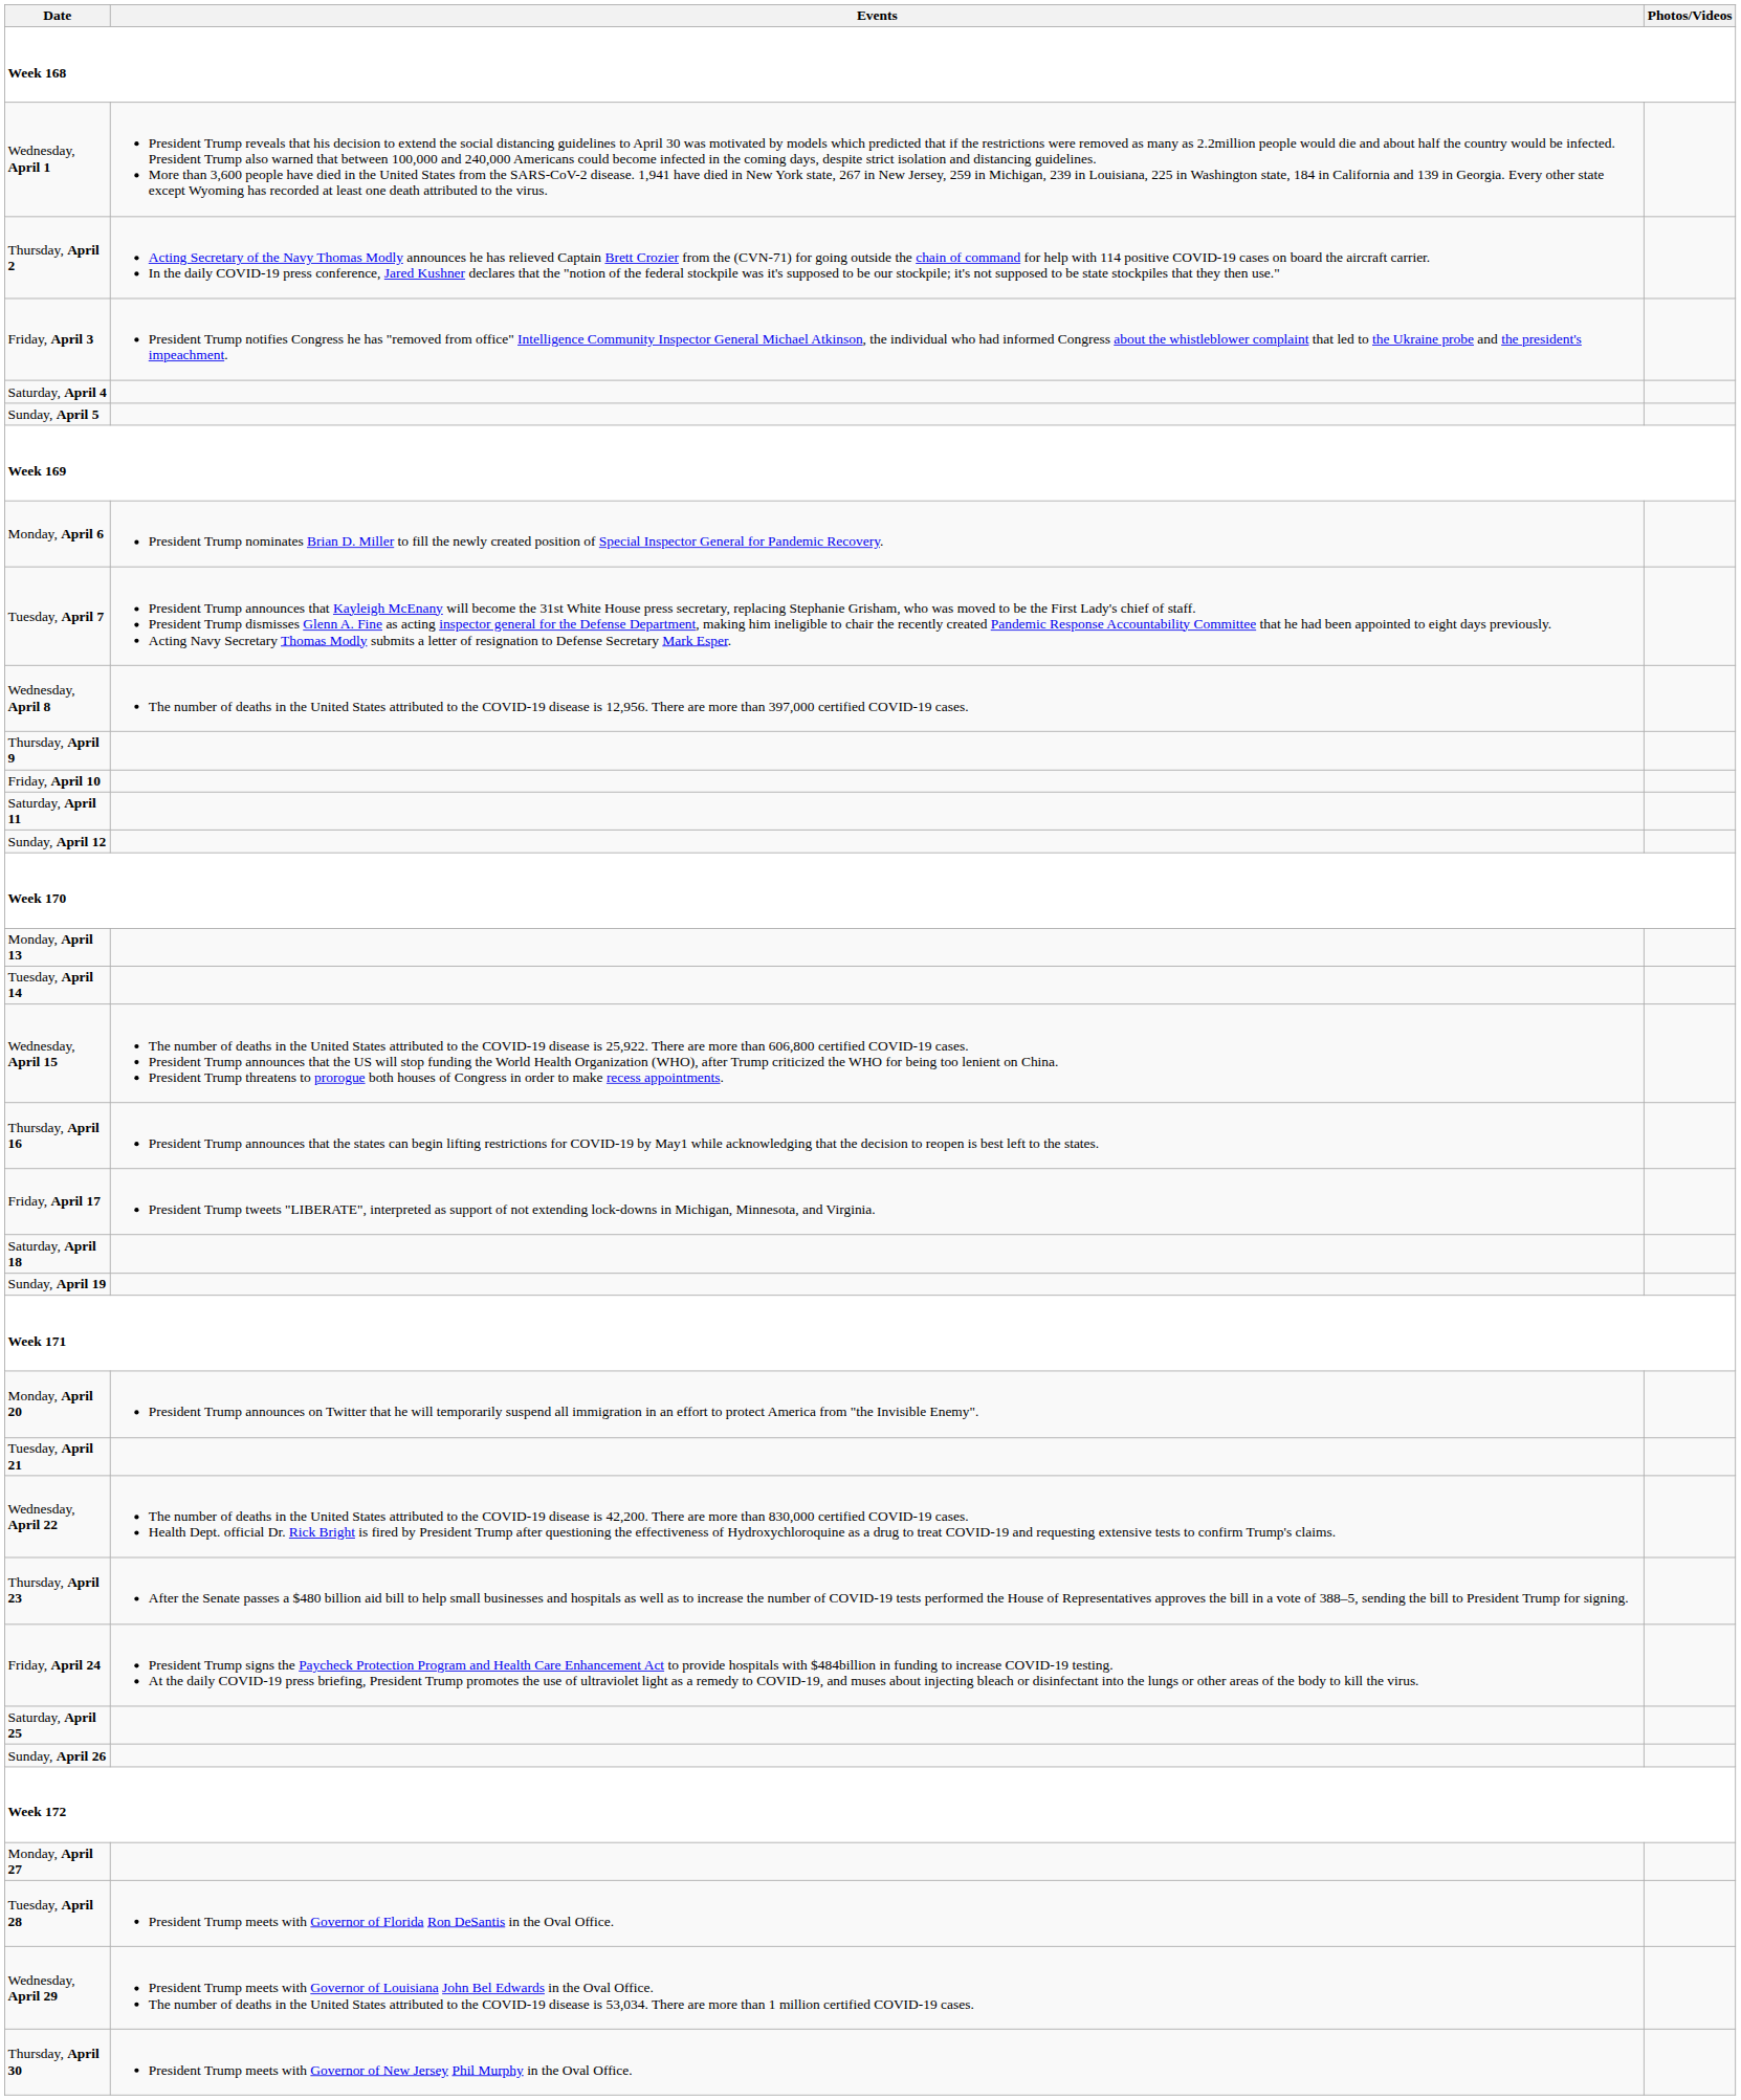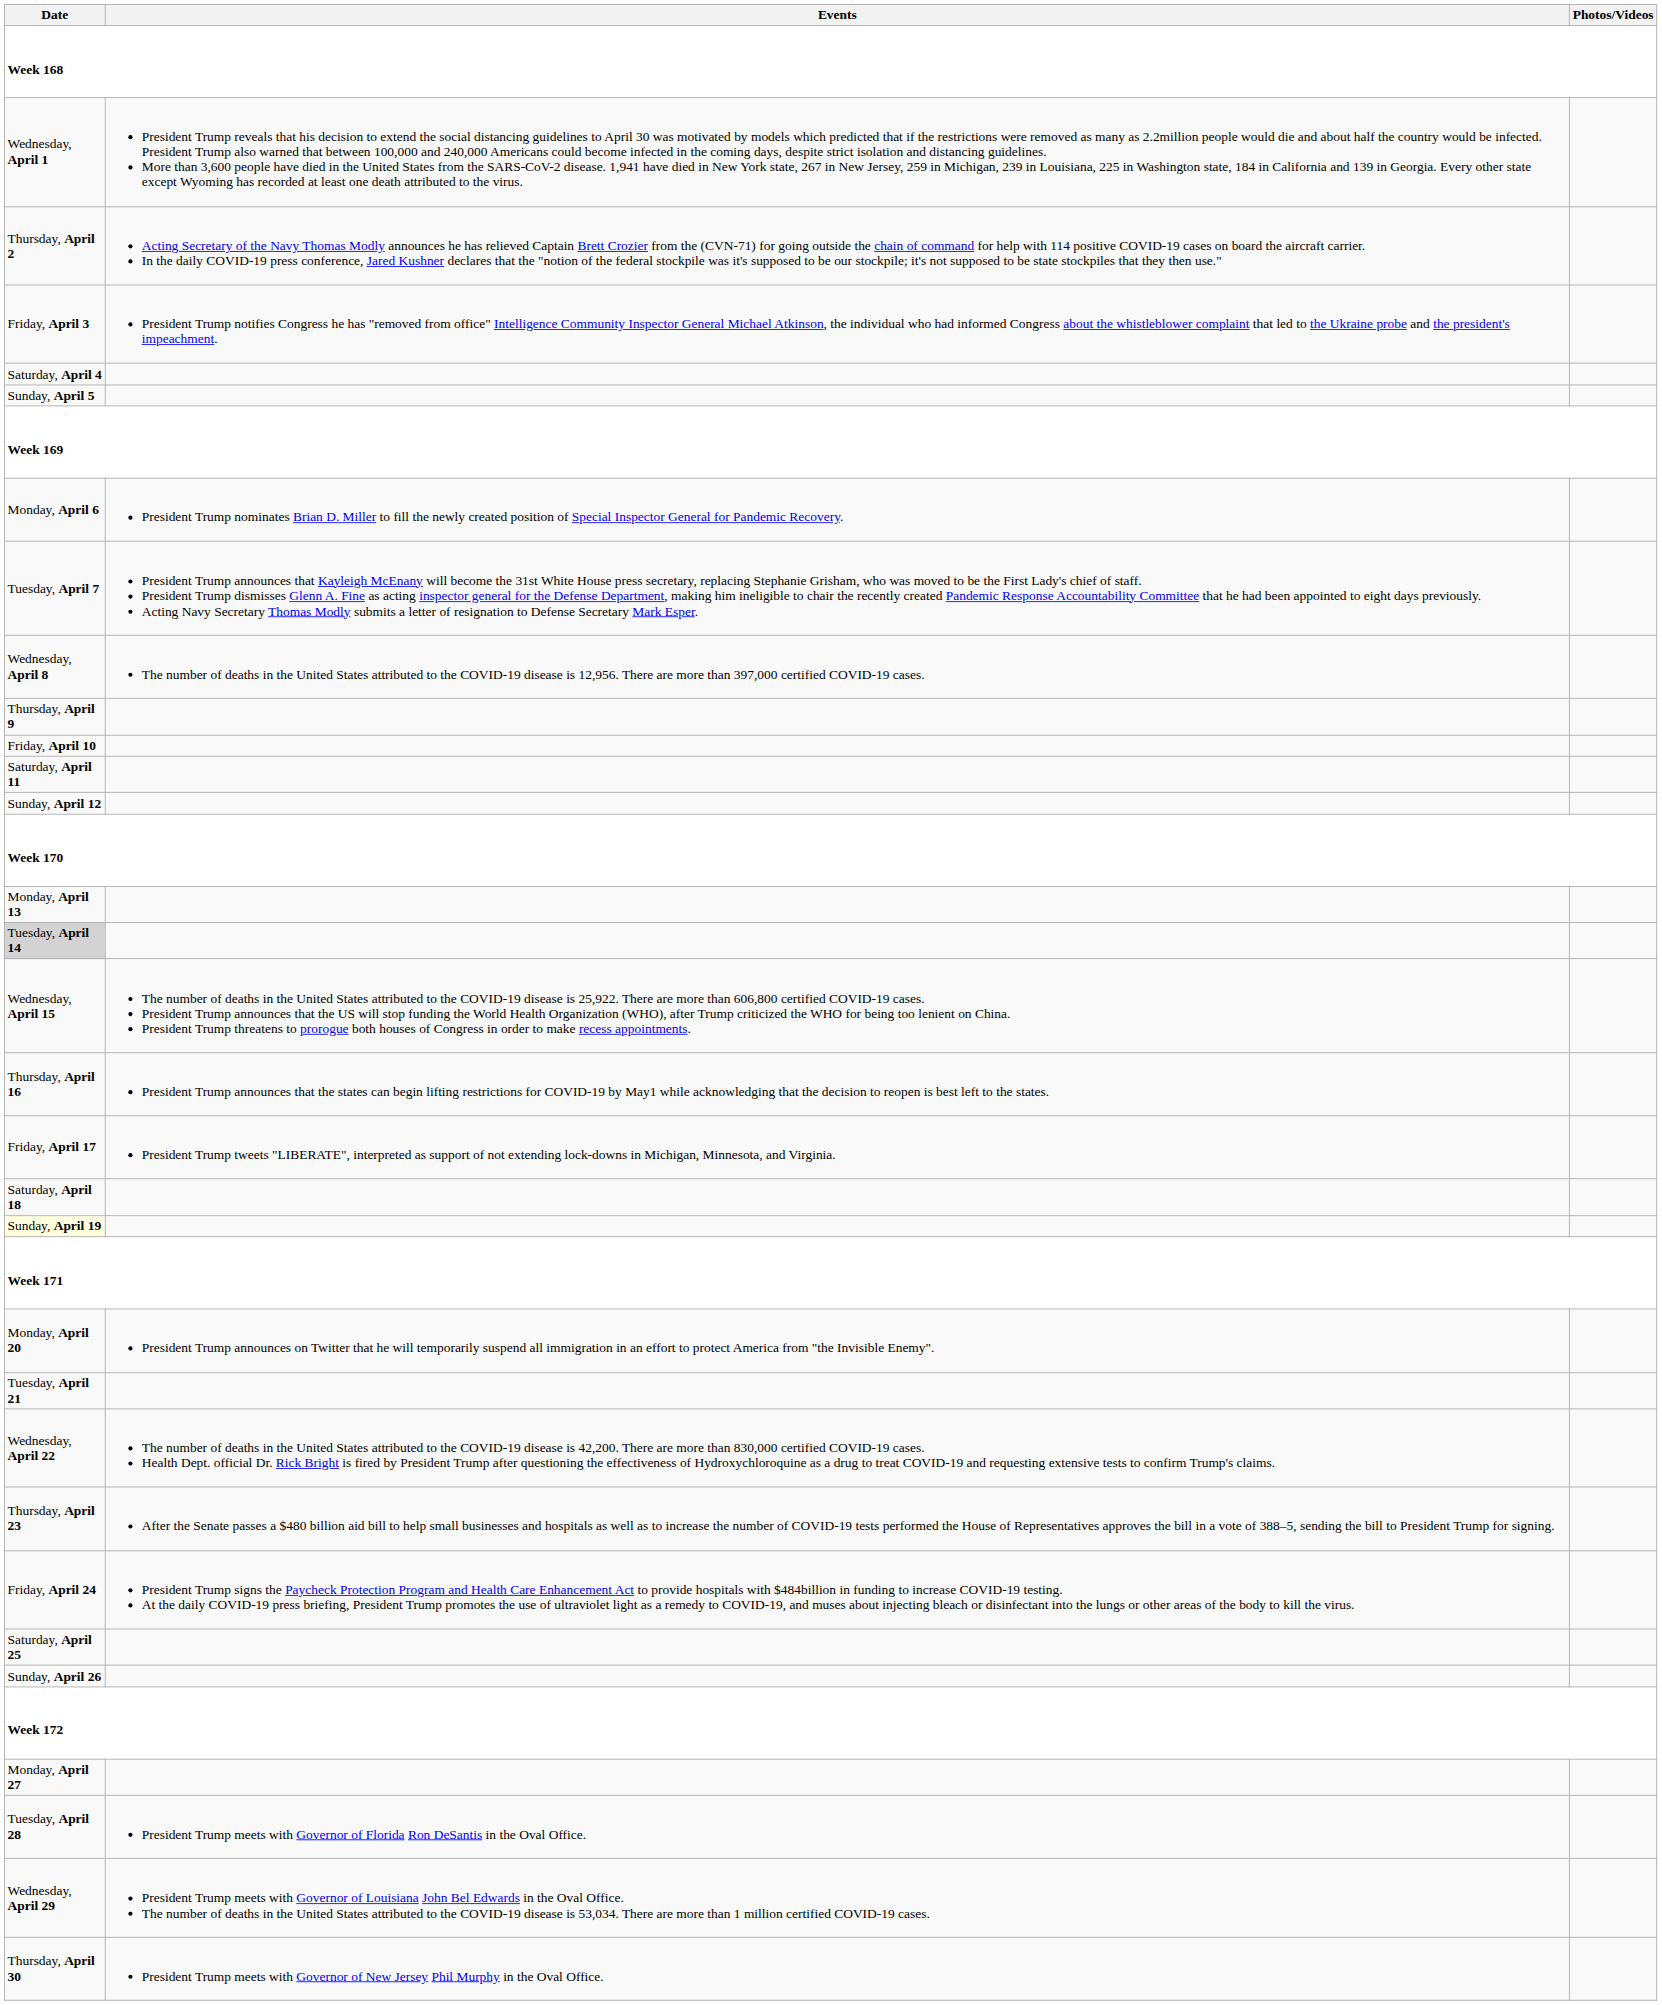 <table class="wikitable">
 <tr>
 <th>Date</th>
 <th>Events</th>
 <th>Photos/Videos</th>
 </tr>
 <tr style="background:white;">
 <td colspan="3"><br><h4>Week 168</h4></td>
 </tr>
 <tr>
 <td>Wednesday, <strong>April 1</strong></td>
 <td><br><ul><li>President Trump reveals that his decision to extend the social distancing guidelines to April 30 was motivated by models which predicted that if the restrictions were removed as many as 2.2million people would die and about half the country would be infected. President Trump also warned that between 100,000 and 240,000 Americans could become infected in the coming days, despite strict isolation and distancing guidelines.</li><li>More than 3,600 people have died in the United States from the SARS-CoV-2 disease. 1,941 have died in New York state, 267 in New Jersey, 259 in Michigan, 239 in Louisiana, 225 in Washington state, 184 in California and 139 in Georgia. Every other state except Wyoming has recorded at least one death attributed to the virus.</li></ul></td>
 <td></td>
 </tr>
 <tr>
 <td>Thursday, <strong>April 2</strong></td>
 <td><br><ul><li><a href='#'>Acting Secretary of the Navy Thomas Modly</a> announces he has relieved Captain <a href='#'>Brett Crozier</a> from the  (CVN-71) for going outside the <a href='#'>chain of command</a> for help with 114 positive COVID-19 cases on board the aircraft carrier.</li><li>In the daily COVID-19 press conference, <a href='#'>Jared Kushner</a> declares that the "notion of the federal stockpile was it's supposed to be our stockpile; it's not supposed to be state stockpiles that they then use."</li></ul></td>
 <td></td>
 </tr>
 <tr>
 <td>Friday, <strong>April 3</strong></td>
 <td><br><ul><li>President Trump notifies Congress he has "removed from office" <a href='#'>Intelligence Community Inspector General Michael Atkinson</a>, the individual who had informed Congress <a href='#'>about the whistleblower complaint</a> that led to <a href='#'>the Ukraine probe</a> and <a href='#'>the president's impeachment</a>.</li></ul></td>
 <td><br></td>
 </tr>
 <tr>
 <td>Saturday, <strong>April 4</strong></td>
 <td></td>
 <td></td>
 </tr>
 <tr>
 <td>Sunday, <strong>April 5</strong></td>
 <td></td>
 <td></td>
 </tr>
 <tr style="background:white;">
 <td colspan="3"><br><h4>Week 169</h4></td>
 </tr>
 <tr>
 <td>Monday, <strong>April 6</strong></td>
 <td><br><ul><li>President Trump nominates <a href='#'>Brian D. Miller</a> to fill the newly created position of <a href='#'>Special Inspector General for Pandemic Recovery</a>.</li></ul></td>
 <td></td>
 </tr>
 <tr>
 <td>Tuesday, <strong>April 7</strong></td>
 <td><br><ul><li>President Trump announces that <a href='#'>Kayleigh McEnany</a> will become the 31st White House press secretary, replacing Stephanie Grisham, who was moved to be the First Lady's chief of staff.</li><li>President Trump dismisses <a href='#'>Glenn A. Fine</a> as acting <a href='#'>inspector general for the Defense Department</a>, making him ineligible to chair the recently created <a href='#'>Pandemic Response Accountability Committee</a> that he had been appointed to eight days previously.</li><li>Acting Navy Secretary <a href='#'>Thomas Modly</a> submits a letter of resignation to Defense Secretary <a href='#'>Mark Esper</a>.</li></ul></td>
 <td></td>
 </tr>
 <tr>
 <td>Wednesday, <strong>April 8</strong></td>
 <td><br><ul><li>The number of deaths in the United States attributed to the COVID-19 disease is 12,956. There are more than 397,000 certified COVID-19 cases.</li></ul></td>
 <td></td>
 </tr>
 <tr>
 <td>Thursday, <strong>April 9</strong></td>
 <td></td>
 <td></td>
 </tr>
 <tr>
 <td>Friday, <strong>April 10</strong></td>
 <td></td>
 <td></td>
 </tr>
 <tr>
 <td>Saturday, <strong>April 11</strong></td>
 <td></td>
 <td></td>
 </tr>
 <tr>
 <td>Sunday, <strong>April 12</strong></td>
 <td></td>
 <td></td>
 </tr>
 <tr style="background:white;">
 <td colspan="3"><br><h4>Week 170</h4></td>
 </tr>
 <tr>
 <td>Monday, <strong>April 13</strong></td>
 <td></td>
 <td></td>
 </tr>
 <tr>
-<td>Tuesday, <strong>April 14</strong></td>
+<td style="background: lightgrey;">Tuesday, <strong>April 14</strong></td>
 <td></td>
 <td></td>
 </tr>
 <tr>
 <td>Wednesday, <strong>April 15</strong></td>
 <td><br><ul><li>The number of deaths in the United States attributed to the COVID-19 disease is 25,922. There are more than 606,800 certified COVID-19 cases.</li><li>President Trump announces that the US will stop funding the World Health Organization (WHO), after Trump criticized the WHO for being too lenient on China.</li><li>President Trump threatens to <a href='#'>prorogue</a> both houses of Congress in order to make <a href='#'>recess appointments</a>.</li></ul></td>
 <td></td>
 </tr>
 <tr>
 <td>Thursday, <strong>April 16</strong></td>
 <td><br><ul><li>President Trump announces that the states can begin lifting restrictions for COVID-19 by May1 while acknowledging that the decision to reopen is best left to the states.</li></ul></td>
 <td></td>
 </tr>
 <tr>
 <td>Friday, <strong>April 17</strong></td>
 <td><br><ul><li>President Trump tweets "LIBERATE", interpreted as support of not extending lock-downs in Michigan, Minnesota, and Virginia.</li></ul></td>
 <td></td>
 </tr>
 <tr>
 <td>Saturday, <strong>April 18</strong></td>
 <td></td>
 <td></td>
 </tr>
 <tr>
-<td>Sunday, <strong>April 19</strong></td>
+<td style="background: lightyellow;">Sunday, <strong>April 19</strong></td>
 <td></td>
 <td></td>
 </tr>
 <tr style="background:white;">
 <td colspan="3"><br><h4>Week 171</h4></td>
 </tr>
 <tr>
 <td>Monday, <strong>April 20</strong></td>
 <td><br><ul><li>President Trump announces on Twitter that he will temporarily suspend all immigration in an effort to protect America from "the Invisible Enemy".</li></ul></td>
 <td></td>
 </tr>
 <tr>
 <td>Tuesday, <strong>April 21</strong></td>
 <td></td>
 <td></td>
 </tr>
 <tr>
 <td>Wednesday, <strong>April 22</strong></td>
 <td><br><ul><li>The number of deaths in the United States attributed to the COVID-19 disease is 42,200. There are more than 830,000 certified COVID-19 cases.</li><li>Health Dept. official Dr. <a href='#'>Rick Bright</a> is fired by President Trump after questioning the effectiveness of Hydroxychloroquine as a drug to treat COVID-19 and requesting extensive tests to confirm Trump's claims.</li></ul></td>
 <td></td>
 </tr>
 <tr>
 <td>Thursday, <strong>April 23</strong></td>
 <td><br><ul><li>After the Senate passes a $480 billion aid bill to help small businesses and hospitals as well as to increase the number of COVID-19 tests performed the House of Representatives approves the bill in a vote of 388–5, sending the bill to President Trump for signing.</li></ul></td>
 <td></td>
 </tr>
 <tr>
 <td>Friday, <strong>April 24</strong></td>
 <td><br><ul><li>President Trump signs the <a href='#'>Paycheck Protection Program and Health Care Enhancement Act</a> to provide hospitals with $484billion in funding to increase COVID-19 testing.</li><li>At the daily COVID-19 press briefing, President Trump promotes the use of ultraviolet light as a remedy to COVID-19, and muses about injecting bleach or disinfectant into the lungs or other areas of the body to kill the virus.</li></ul></td>
 <td></td>
 </tr>
 <tr>
 <td>Saturday, <strong>April 25</strong></td>
 <td></td>
 <td></td>
 </tr>
 <tr>
 <td>Sunday, <strong>April 26</strong></td>
 <td></td>
 <td></td>
 </tr>
 <tr style="background:white;">
 <td colspan="3"><br><h4>Week 172</h4></td>
 </tr>
 <tr>
 <td>Monday, <strong>April 27</strong></td>
 <td></td>
 <td></td>
 </tr>
 <tr>
 <td>Tuesday, <strong>April 28</strong></td>
 <td><br><ul><li>President Trump meets with <a href='#'>Governor of Florida</a> <a href='#'>Ron DeSantis</a> in the Oval Office.</li></ul></td>
 <td></td>
 </tr>
 <tr>
 <td>Wednesday, <strong>April 29</strong></td>
 <td><br><ul><li>President Trump meets with <a href='#'>Governor of Louisiana</a> <a href='#'>John Bel Edwards</a> in the Oval Office.</li><li>The number of deaths in the United States attributed to the COVID-19 disease is 53,034. There are more than 1 million certified COVID-19 cases.</li></ul></td>
 <td></td>
 </tr>
 <tr>
 <td>Thursday, <strong>April 30</strong></td>
 <td><br><ul><li>President Trump meets with <a href='#'>Governor of New Jersey</a> <a href='#'>Phil Murphy</a> in the Oval Office.</li></ul></td>
 <td></td>
 </tr>
 </table>
